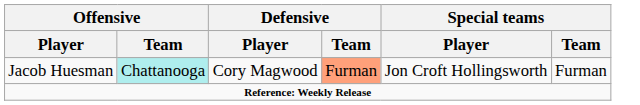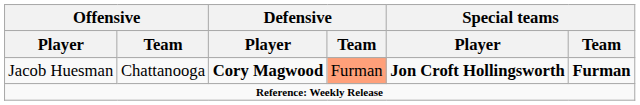 <table class="wikitable" border="1">
 <tr>
 <th colspan="2">Offensive</th>
 <th colspan="2">Defensive</th>
 <th colspan="2">Special teams</th>
 </tr>
 <tr>
 <th>Player</th>
 <th>Team</th>
 <th>Player</th>
 <th>Team</th>
 <th>Player</th>
 <th>Team</th>
 </tr>
 <tr>
 <td>Jacob Huesman</td>
-<td style="background: paleturquoise;">Chattanooga</td>
-<td>Cory Magwood</td>
+<td>Chattanooga</td>
+<td><strong>Cory Magwood</strong></td>
 <td style="background: lightsalmon;">Furman</td>
-<td>Jon Croft Hollingsworth</td>
-<td>Furman</td>
+<td><strong>Jon Croft Hollingsworth</strong></td>
+<td><strong>Furman</strong></td>
 </tr>
 <tr>
 <td colspan="8" style="font-size: 8pt" align="center"><strong>Reference: Weekly Release</strong></td>
 </tr>
 </table>
